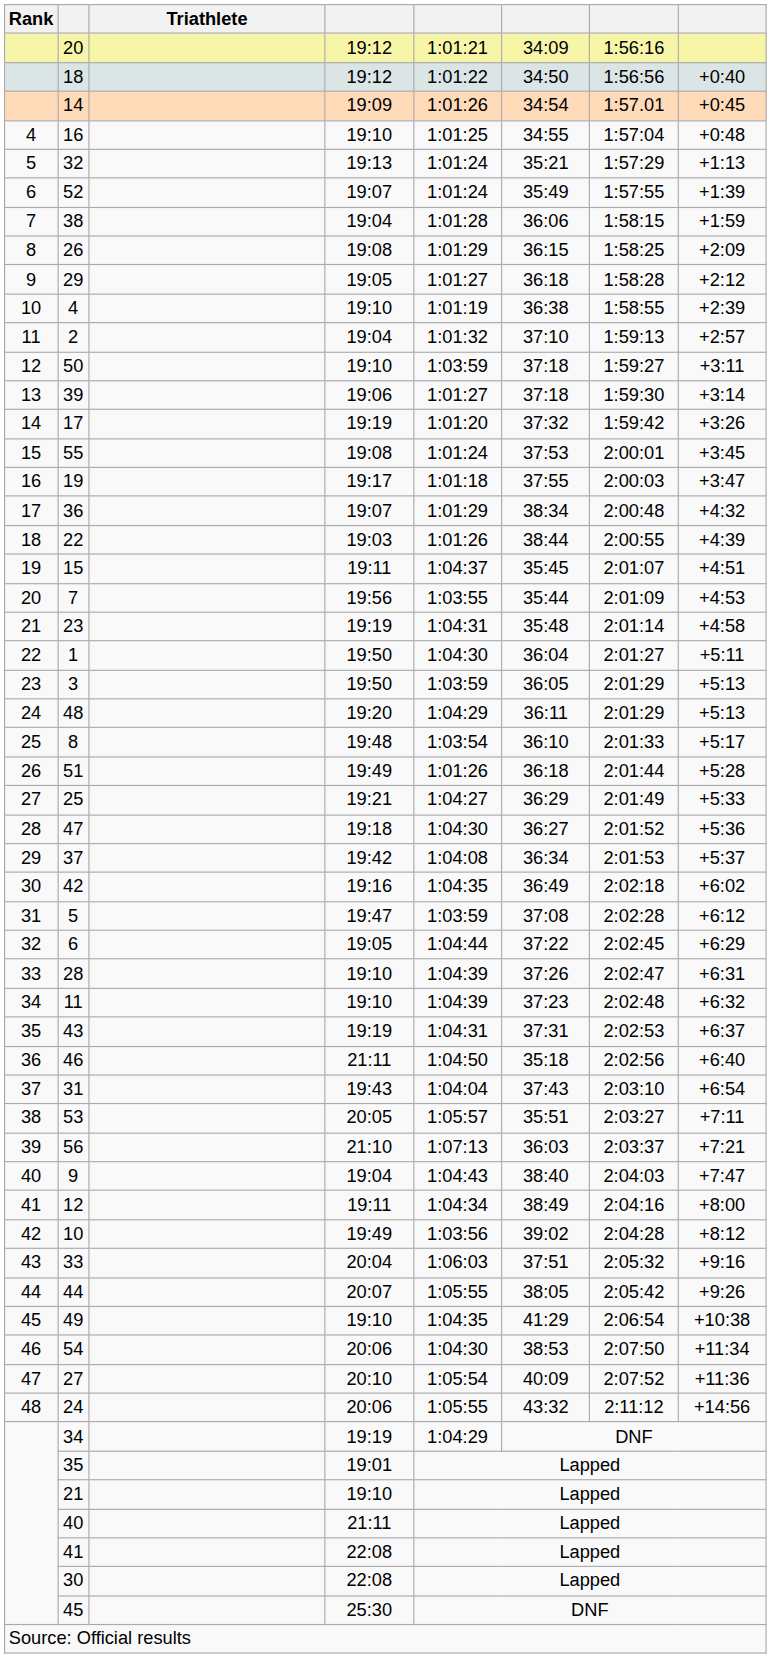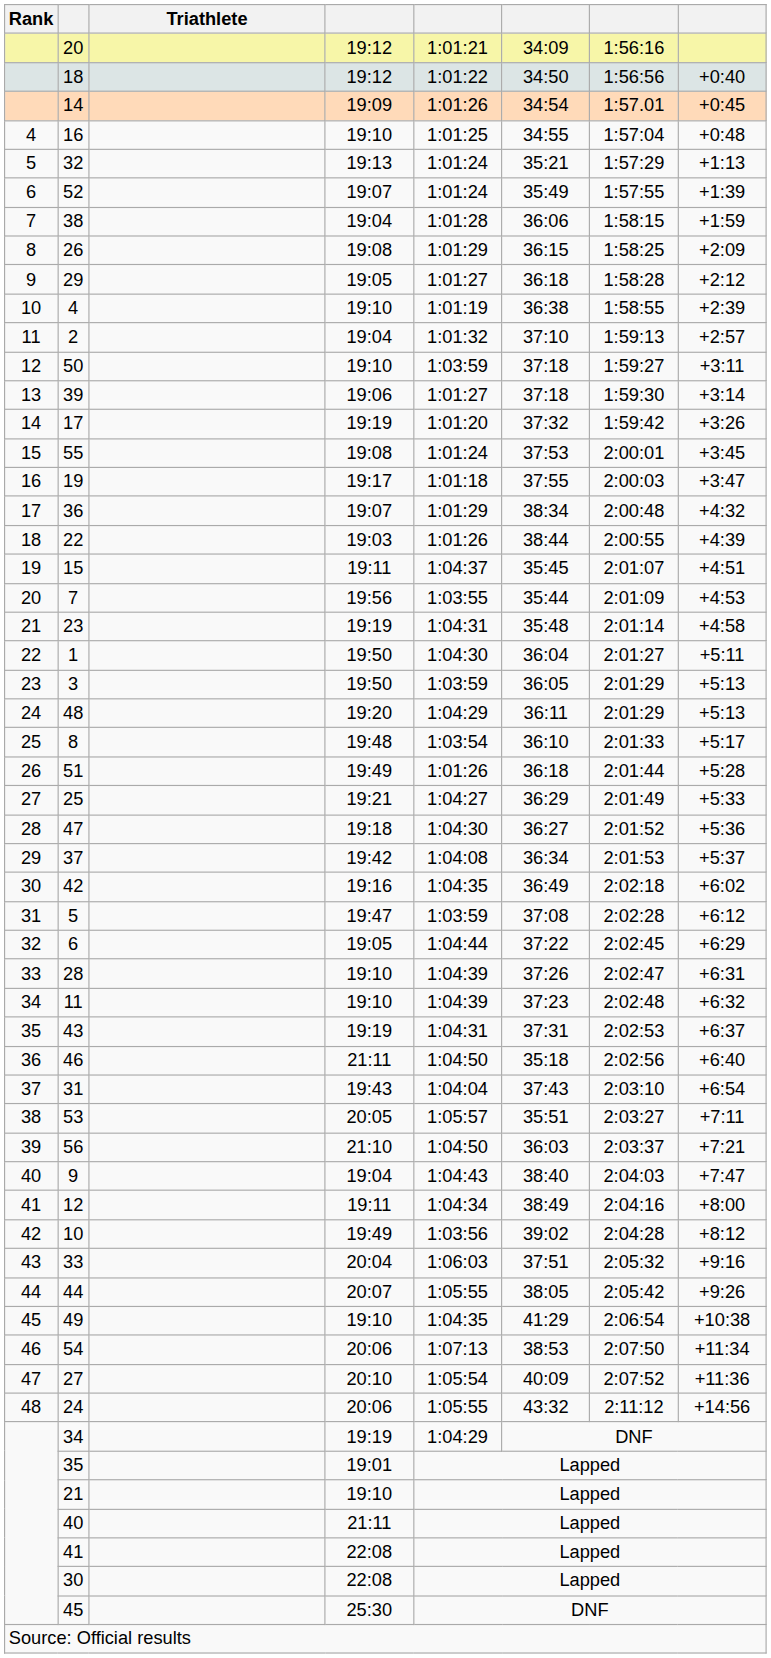 <table class="wikitable sortable" style="text-align:center">
 <tr>
 <th data-sort-type="number" width="30">Rank</th>
 <th width="20"></th>
 <th width="200">Triathlete</th>
 <th width="70"></th>
 <th width="70"></th>
 <th width="70"></th>
 <th width="70"></th>
 <th width="70"></th>
 </tr>
 <tr style="background:#F7F6A8;”">
 <td></td>
 <td>20</td>
 <td align=left></td>
 <td>19:12</td>
 <td>1:01:21</td>
 <td>34:09</td>
 <td>1:56:16</td>
 <td></td>
 </tr>
 <tr style="background:#DCE5E5;”">
 <td></td>
 <td>18</td>
 <td align=left></td>
 <td>19:12</td>
 <td>1:01:22</td>
 <td>34:50</td>
 <td>1:56:56</td>
 <td>+0:40</td>
 </tr>
 <tr style="background:#FFDAB9;">
 <td></td>
 <td>14</td>
 <td align=left></td>
 <td>19:09</td>
 <td>1:01:26</td>
 <td>34:54</td>
 <td>1:57.01</td>
 <td>+0:45</td>
 </tr>
 <tr>
 <td>4</td>
 <td>16</td>
 <td align=left></td>
 <td>19:10</td>
 <td>1:01:25</td>
 <td>34:55</td>
 <td>1:57:04</td>
 <td>+0:48</td>
 </tr>
 <tr>
 <td>5</td>
 <td>32</td>
 <td align=left></td>
 <td>19:13</td>
 <td>1:01:24</td>
 <td>35:21</td>
 <td>1:57:29</td>
 <td>+1:13</td>
 </tr>
 <tr>
 <td>6</td>
 <td>52</td>
 <td align=left></td>
 <td>19:07</td>
 <td>1:01:24</td>
 <td>35:49</td>
 <td>1:57:55</td>
 <td>+1:39</td>
 </tr>
 <tr>
 <td>7</td>
 <td>38</td>
 <td align=left></td>
 <td>19:04</td>
 <td>1:01:28</td>
 <td>36:06</td>
 <td>1:58:15</td>
 <td>+1:59</td>
 </tr>
 <tr>
 <td>8</td>
 <td>26</td>
 <td align=left></td>
 <td>19:08</td>
 <td>1:01:29</td>
 <td>36:15</td>
 <td>1:58:25</td>
 <td>+2:09</td>
 </tr>
 <tr>
 <td>9</td>
 <td>29</td>
 <td align=left></td>
 <td>19:05</td>
 <td>1:01:27</td>
 <td>36:18</td>
 <td>1:58:28</td>
 <td>+2:12</td>
 </tr>
 <tr>
 <td>10</td>
 <td>4</td>
 <td align=left></td>
 <td>19:10</td>
 <td>1:01:19</td>
 <td>36:38</td>
 <td>1:58:55</td>
 <td>+2:39</td>
 </tr>
 <tr>
 <td>11</td>
 <td>2</td>
 <td align=left></td>
 <td>19:04</td>
 <td>1:01:32</td>
 <td>37:10</td>
 <td>1:59:13</td>
 <td>+2:57</td>
 </tr>
 <tr>
 <td>12</td>
 <td>50</td>
 <td align=left></td>
 <td>19:10</td>
 <td>1:03:59</td>
 <td>37:18</td>
 <td>1:59:27</td>
 <td>+3:11</td>
 </tr>
 <tr>
 <td>13</td>
 <td>39</td>
 <td align=left></td>
 <td>19:06</td>
 <td>1:01:27</td>
 <td>37:18</td>
 <td>1:59:30</td>
 <td>+3:14</td>
 </tr>
 <tr>
 <td>14</td>
 <td>17</td>
 <td align=left></td>
 <td>19:19</td>
 <td>1:01:20</td>
 <td>37:32</td>
 <td>1:59:42</td>
 <td>+3:26</td>
 </tr>
 <tr>
 <td>15</td>
 <td>55</td>
 <td align=left></td>
 <td>19:08</td>
 <td>1:01:24</td>
 <td>37:53</td>
 <td>2:00:01</td>
 <td>+3:45</td>
 </tr>
 <tr>
 <td>16</td>
 <td>19</td>
 <td align=left></td>
 <td>19:17</td>
 <td>1:01:18</td>
 <td>37:55</td>
 <td>2:00:03</td>
 <td>+3:47</td>
 </tr>
 <tr>
 <td>17</td>
 <td>36</td>
 <td align=left></td>
 <td>19:07</td>
 <td>1:01:29</td>
 <td>38:34</td>
 <td>2:00:48</td>
 <td>+4:32</td>
 </tr>
 <tr>
 <td>18</td>
 <td>22</td>
 <td align=left></td>
 <td>19:03</td>
 <td>1:01:26</td>
 <td>38:44</td>
 <td>2:00:55</td>
 <td>+4:39</td>
 </tr>
 <tr>
 <td>19</td>
 <td>15</td>
 <td align=left></td>
 <td>19:11</td>
 <td>1:04:37</td>
 <td>35:45</td>
 <td>2:01:07</td>
 <td>+4:51</td>
 </tr>
 <tr>
 <td>20</td>
 <td>7</td>
 <td align=left></td>
 <td>19:56</td>
 <td>1:03:55</td>
 <td>35:44</td>
 <td>2:01:09</td>
 <td>+4:53</td>
 </tr>
 <tr>
 <td>21</td>
 <td>23</td>
 <td align=left></td>
 <td>19:19</td>
 <td>1:04:31</td>
 <td>35:48</td>
 <td>2:01:14</td>
 <td>+4:58</td>
 </tr>
 <tr>
 <td>22</td>
 <td>1</td>
 <td align=left></td>
 <td>19:50</td>
 <td>1:04:30</td>
 <td>36:04</td>
 <td>2:01:27</td>
 <td>+5:11</td>
 </tr>
 <tr>
 <td>23</td>
 <td>3</td>
 <td align=left></td>
 <td>19:50</td>
 <td>1:03:59</td>
 <td>36:05</td>
 <td>2:01:29</td>
 <td>+5:13</td>
 </tr>
 <tr>
 <td>24</td>
 <td>48</td>
 <td align=left></td>
 <td>19:20</td>
 <td>1:04:29</td>
 <td>36:11</td>
 <td>2:01:29</td>
 <td>+5:13</td>
 </tr>
 <tr>
 <td>25</td>
 <td>8</td>
 <td align=left></td>
 <td>19:48</td>
 <td>1:03:54</td>
 <td>36:10</td>
 <td>2:01:33</td>
 <td>+5:17</td>
 </tr>
 <tr>
 <td>26</td>
 <td>51</td>
 <td align=left></td>
 <td>19:49</td>
 <td>1:01:26</td>
 <td>36:18</td>
 <td>2:01:44</td>
 <td>+5:28</td>
 </tr>
 <tr>
 <td>27</td>
 <td>25</td>
 <td align=left></td>
 <td>19:21</td>
 <td>1:04:27</td>
 <td>36:29</td>
 <td>2:01:49</td>
 <td>+5:33</td>
 </tr>
 <tr>
 <td>28</td>
 <td>47</td>
 <td align=left></td>
 <td>19:18</td>
 <td>1:04:30</td>
 <td>36:27</td>
 <td>2:01:52</td>
 <td>+5:36</td>
 </tr>
 <tr>
 <td>29</td>
 <td>37</td>
 <td align=left></td>
 <td>19:42</td>
 <td>1:04:08</td>
 <td>36:34</td>
 <td>2:01:53</td>
 <td>+5:37</td>
 </tr>
 <tr>
 <td>30</td>
 <td>42</td>
 <td align=left></td>
 <td>19:16</td>
 <td>1:04:35</td>
 <td>36:49</td>
 <td>2:02:18</td>
 <td>+6:02</td>
 </tr>
 <tr>
 <td>31</td>
 <td>5</td>
 <td align=left></td>
 <td>19:47</td>
 <td>1:03:59</td>
 <td>37:08</td>
 <td>2:02:28</td>
 <td>+6:12</td>
 </tr>
 <tr>
 <td>32</td>
 <td>6</td>
 <td align=left></td>
 <td>19:05</td>
 <td>1:04:44</td>
 <td>37:22</td>
 <td>2:02:45</td>
 <td>+6:29</td>
 </tr>
 <tr>
 <td>33</td>
 <td>28</td>
 <td align=left></td>
 <td>19:10</td>
 <td>1:04:39</td>
 <td>37:26</td>
 <td>2:02:47</td>
 <td>+6:31</td>
 </tr>
 <tr>
 <td>34</td>
 <td>11</td>
 <td align=left></td>
 <td>19:10</td>
 <td>1:04:39</td>
 <td>37:23</td>
 <td>2:02:48</td>
 <td>+6:32</td>
 </tr>
 <tr>
 <td>35</td>
 <td>43</td>
 <td align=left></td>
 <td>19:19</td>
 <td>1:04:31</td>
 <td>37:31</td>
 <td>2:02:53</td>
 <td>+6:37</td>
 </tr>
 <tr>
 <td>36</td>
 <td>46</td>
 <td align=left></td>
 <td>21:11</td>
 <td>1:04:50</td>
 <td>35:18</td>
 <td>2:02:56</td>
 <td>+6:40</td>
 </tr>
 <tr>
 <td>37</td>
 <td>31</td>
 <td align=left></td>
 <td>19:43</td>
 <td>1:04:04</td>
 <td>37:43</td>
 <td>2:03:10</td>
 <td>+6:54</td>
 </tr>
 <tr>
 <td>38</td>
 <td>53</td>
 <td align=left></td>
 <td>20:05</td>
 <td>1:05:57</td>
 <td>35:51</td>
 <td>2:03:27</td>
 <td>+7:11</td>
 </tr>
 <tr>
 <td>39</td>
 <td>56</td>
 <td align=left></td>
 <td>21:10</td>
-<td>1:07:13</td>
+<td>1:04:50</td>
 <td>36:03</td>
 <td>2:03:37</td>
 <td>+7:21</td>
 </tr>
 <tr>
 <td>40</td>
 <td>9</td>
 <td align=left></td>
 <td>19:04</td>
 <td>1:04:43</td>
 <td>38:40</td>
 <td>2:04:03</td>
 <td>+7:47</td>
 </tr>
 <tr>
 <td>41</td>
 <td>12</td>
 <td align=left></td>
 <td>19:11</td>
 <td>1:04:34</td>
 <td>38:49</td>
 <td>2:04:16</td>
 <td>+8:00</td>
 </tr>
 <tr>
 <td>42</td>
 <td>10</td>
 <td align=left></td>
 <td>19:49</td>
 <td>1:03:56</td>
 <td>39:02</td>
 <td>2:04:28</td>
 <td>+8:12</td>
 </tr>
 <tr>
 <td>43</td>
 <td>33</td>
 <td align=left></td>
 <td>20:04</td>
 <td>1:06:03</td>
 <td>37:51</td>
 <td>2:05:32</td>
 <td>+9:16</td>
 </tr>
 <tr>
 <td>44</td>
 <td>44</td>
 <td align=left></td>
 <td>20:07</td>
 <td>1:05:55</td>
 <td>38:05</td>
 <td>2:05:42</td>
 <td>+9:26</td>
 </tr>
 <tr>
 <td>45</td>
 <td>49</td>
 <td align=left></td>
 <td>19:10</td>
 <td>1:04:35</td>
 <td>41:29</td>
 <td>2:06:54</td>
 <td>+10:38</td>
 </tr>
 <tr>
 <td>46</td>
 <td>54</td>
 <td align=left></td>
 <td>20:06</td>
-<td>1:04:30</td>
+<td>1:07:13</td>
 <td>38:53</td>
 <td>2:07:50</td>
 <td>+11:34</td>
 </tr>
 <tr>
 <td>47</td>
 <td>27</td>
 <td align=left></td>
 <td>20:10</td>
 <td>1:05:54</td>
 <td>40:09</td>
 <td>2:07:52</td>
 <td>+11:36</td>
 </tr>
 <tr>
 <td>48</td>
 <td>24</td>
 <td align=left></td>
 <td>20:06</td>
 <td>1:05:55</td>
 <td>43:32</td>
 <td>2:11:12</td>
 <td>+14:56</td>
 </tr>
 <tr>
 <td align=center rowspan="7"></td>
 <td>34</td>
 <td align=left></td>
 <td>19:19</td>
 <td>1:04:29</td>
 <td align=center colspan="3">DNF</td>
 </tr>
 <tr>
 <td>35</td>
 <td align=left></td>
 <td>19:01</td>
 <td align=center colspan="4">Lapped</td>
 </tr>
 <tr>
 <td>21</td>
 <td align=left></td>
 <td>19:10</td>
 <td align=center colspan="4">Lapped</td>
 </tr>
 <tr>
 <td>40</td>
 <td align=left></td>
 <td>21:11</td>
 <td align=center colspan="4">Lapped</td>
 </tr>
 <tr>
 <td>41</td>
 <td align=left></td>
 <td>22:08</td>
 <td align=center colspan="4">Lapped</td>
 </tr>
 <tr>
 <td>30</td>
 <td align=left></td>
 <td>22:08</td>
 <td align=center colspan="4">Lapped</td>
 </tr>
 <tr>
 <td>45</td>
 <td align=left></td>
 <td>25:30</td>
 <td align=center colspan="4">DNF</td>
 </tr>
 <tr class="sortbottom">
 <td colspan="9" style="text-align:left;">Source: Official results</td>
 </tr>
 </table>
